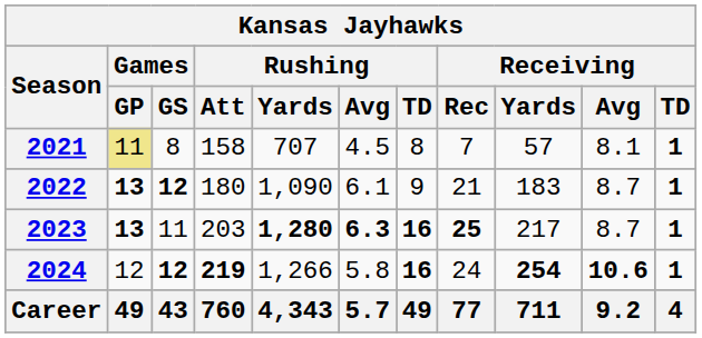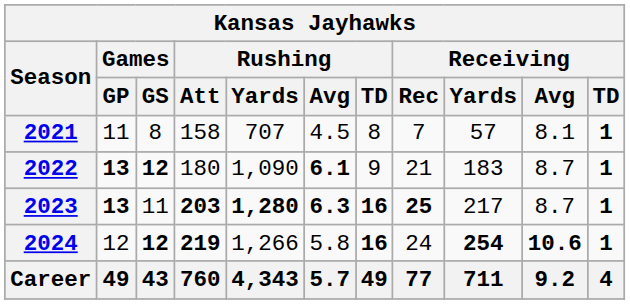 <table class="wikitable" style="text-align:center;">
 <tr>
 <th colspan="15">Kansas Jayhawks</th>
 </tr>
 <tr>
 <th rowspan="2">Season</th>
 <th colspan="2">Games</th>
 <th colspan="4">Rushing</th>
 <th colspan="4">Receiving</th>
 </tr>
 <tr>
 <th>GP</th>
 <th>GS</th>
 <th>Att</th>
 <th>Yards</th>
 <th>Avg</th>
 <th>TD</th>
 <th>Rec</th>
 <th>Yards</th>
 <th>Avg</th>
 <th>TD</th>
 </tr>
 <tr>
 <th><a href='#'>2021</a></th>
-<td style="background: khaki;">11</td>
+<td>11</td>
 <td>8</td>
 <td>158</td>
 <td>707</td>
 <td>4.5</td>
 <td>8</td>
 <td>7</td>
 <td>57</td>
 <td>8.1</td>
 <td><strong>1</strong></td>
 </tr>
 <tr>
 <th><a href='#'>2022</a></th>
 <td><strong>13</strong></td>
 <td><strong>12</strong></td>
 <td>180</td>
 <td>1,090</td>
-<td>6.1</td>
+<td><strong>6.1</strong></td>
 <td>9</td>
 <td>21</td>
 <td>183</td>
 <td>8.7</td>
 <td><strong>1</strong></td>
 </tr>
 <tr>
 <th><a href='#'>2023</a></th>
 <td><strong>13</strong></td>
 <td>11</td>
-<td>203</td>
+<td><strong>203</strong></td>
 <td><strong>1,280</strong></td>
 <td><strong>6.3</strong></td>
 <td><strong>16</strong></td>
 <td><strong>25</strong></td>
 <td>217</td>
 <td>8.7</td>
 <td><strong>1</strong></td>
 </tr>
 <tr>
 <th><a href='#'>2024</a></th>
 <td>12</td>
 <td><strong>12</strong></td>
 <td><strong>219</strong></td>
 <td>1,266</td>
 <td>5.8</td>
 <td><strong>16</strong></td>
 <td>24</td>
 <td><strong>254</strong></td>
 <td><strong>10.6</strong></td>
 <td><strong>1</strong></td>
 </tr>
 <tr>
 <th>Career</th>
 <th>49</th>
 <th>43</th>
 <th>760</th>
 <th>4,343</th>
 <th>5.7</th>
 <th>49</th>
 <th>77</th>
 <th>711</th>
 <th>9.2</th>
 <th>4</th>
 </tr>
 </table>
